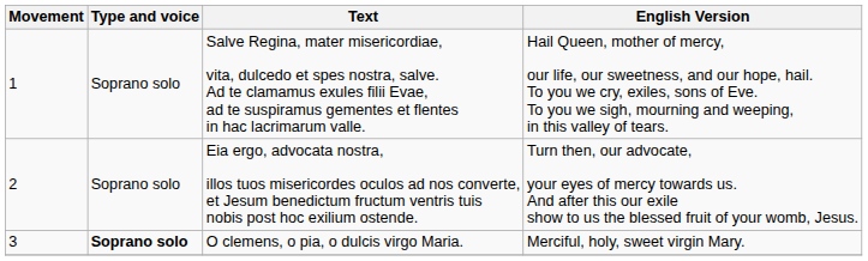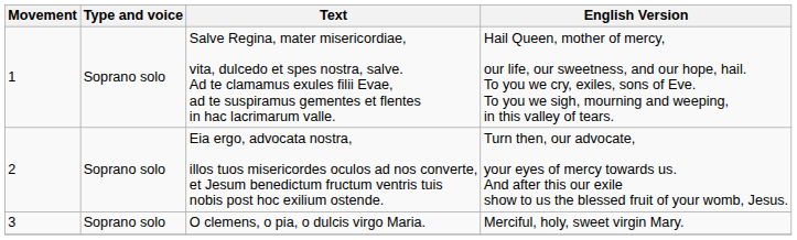 <table class="wikitable" border="1">
 <tr>
 <th bgcolor=ececec>Movement</th>
 <th bgcolor=ececec>Type and voice</th>
 <th bgcolor=ececec>Text</th>
 <th bgcolor=ececec>English Version</th>
 </tr>
 <tr>
 <td>1</td>
 <td>Soprano solo</td>
 <td>Salve Regina, mater misericordiae,<br><br>vita, dulcedo et spes nostra, salve.<br> Ad te clamamus exules filii Evae,<br> ad te suspiramus gementes et flentes<br> in hac lacrimarum valle.</td>
 <td>Hail Queen, mother of mercy,<br><br>our life, our sweetness, and our hope, hail.<br> To you we cry, exiles, sons of Eve.<br> To you we sigh, mourning and weeping,<br> in this valley of tears.</td>
 </tr>
 <tr>
 <td>2</td>
 <td>Soprano solo</td>
 <td>Eia ergo, advocata nostra,<br><br>illos tuos misericordes oculos ad nos converte,<br> et Jesum benedictum fructum ventris tuis<br> nobis post hoc exilium ostende.</td>
 <td>Turn then, our advocate,<br><br>your eyes of mercy towards us.<br> And after this our exile<br> show to us the blessed fruit of your womb, Jesus.</td>
 </tr>
 <tr>
 <td>3</td>
-<td><strong>Soprano solo</strong></td>
+<td>Soprano solo</td>
 <td>O clemens, o pia, o dulcis virgo Maria.</td>
 <td>Merciful, holy, sweet virgin Mary.</td>
 </tr>
 <tr>
 </tr>
 </table>
